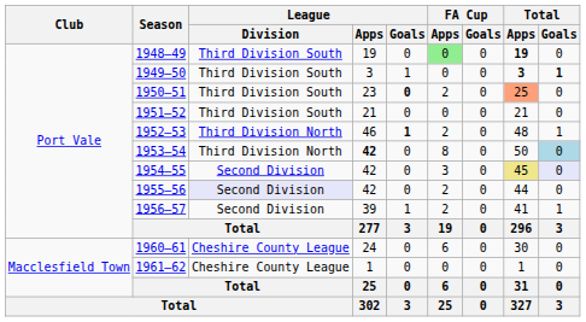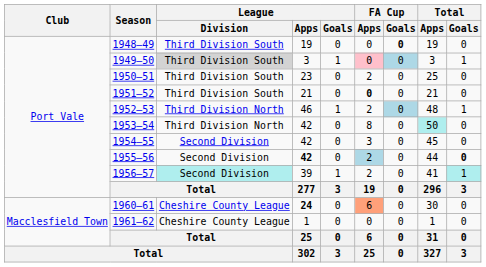 <table class="wikitable" style="text-align: center;">
 <tr>
 <th rowspan="2">Club</th>
 <th rowspan="2">Season</th>
 <th colspan="3">League</th>
 <th colspan="2">FA Cup</th>
 <th colspan="2">Total</th>
 </tr>
 <tr>
 <th>Division</th>
 <th>Apps</th>
 <th>Goals</th>
 <th>Apps</th>
 <th>Goals</th>
 <th>Apps</th>
 <th>Goals</th>
 </tr>
 <tr>
 <td rowspan="10"><a href='#'>Port Vale</a></td>
 <td><a href='#'>1948–49</a></td>
 <td><a href='#'>Third Division South</a></td>
 <td>19</td>
 <td>0</td>
-<td style="background: lightgreen;">0</td>
 <td>0</td>
-<td><strong>19</strong></td>
+<td><strong>0</strong></td>
+<td>19</td>
 <td>0</td>
 </tr>
 <tr>
 <td><a href='#'>1949–50</a></td>
-<td>Third Division South</td>
+<td style="background: lightgrey;">Third Division South</td>
 <td>3</td>
 <td>1</td>
-<td>0</td>
-<td>0</td>
-<td><strong>3</strong></td>
-<td><strong>1</strong></td>
+<td style="background: pink;">0</td>
+<td style="background: lightblue;">0</td>
+<td>3</td>
+<td>1</td>
 </tr>
 <tr>
 <td><a href='#'>1950–51</a></td>
 <td>Third Division South</td>
 <td>23</td>
-<td><strong>0</strong></td>
+<td>0</td>
 <td>2</td>
 <td>0</td>
-<td style="background: lightsalmon;">25</td>
+<td>25</td>
 <td>0</td>
 </tr>
 <tr>
 <td><a href='#'>1951–52</a></td>
 <td>Third Division South</td>
 <td>21</td>
 <td>0</td>
-<td>0</td>
+<td><strong>0</strong></td>
 <td>0</td>
 <td>21</td>
 <td>0</td>
 </tr>
 <tr>
 <td><a href='#'>1952–53</a></td>
 <td><a href='#'>Third Division North</a></td>
 <td>46</td>
-<td><strong>1</strong></td>
+<td>1</td>
 <td>2</td>
-<td>0</td>
+<td style="background: lightblue;">0</td>
 <td>48</td>
 <td>1</td>
 </tr>
 <tr>
 <td><a href='#'>1953–54</a></td>
 <td>Third Division North</td>
-<td><strong>42</strong></td>
+<td>42</td>
 <td>0</td>
 <td>8</td>
 <td>0</td>
-<td>50</td>
-<td style="background: lightblue;">0</td>
+<td style="background: paleturquoise;">50</td>
+<td>0</td>
 </tr>
 <tr>
 <td><a href='#'>1954–55</a></td>
 <td><a href='#'>Second Division</a></td>
 <td>42</td>
 <td>0</td>
 <td>3</td>
 <td>0</td>
-<td style="background: khaki;">45</td>
-<td style="background: lavender;">0</td>
+<td>45</td>
+<td>0</td>
 </tr>
 <tr>
 <td><a href='#'>1955–56</a></td>
-<td style="background: lavender;">Second Division</td>
-<td>42</td>
+<td>Second Division</td>
+<td><strong>42</strong></td>
 <td>0</td>
-<td>2</td>
+<td style="background: lightblue;">2</td>
 <td>0</td>
 <td>44</td>
-<td>0</td>
+<td><strong>0</strong></td>
 </tr>
 <tr>
 <td><a href='#'>1956–57</a></td>
-<td>Second Division</td>
+<td style="background: paleturquoise;">Second Division</td>
 <td>39</td>
 <td>1</td>
 <td>2</td>
 <td>0</td>
 <td>41</td>
-<td>1</td>
+<td style="background: paleturquoise;">1</td>
 </tr>
 <tr>
 <th colspan="2">Total</th>
 <th>277</th>
 <th>3</th>
 <th>19</th>
 <th>0</th>
 <th>296</th>
 <th>3</th>
 </tr>
 <tr>
 <td rowspan="3"><a href='#'>Macclesfield Town</a></td>
 <td><a href='#'>1960–61</a></td>
 <td><a href='#'>Cheshire County League</a></td>
-<td>24</td>
+<td><strong>24</strong></td>
 <td>0</td>
-<td>6</td>
+<td style="background: lightsalmon;">6</td>
 <td>0</td>
 <td>30</td>
 <td>0</td>
 </tr>
 <tr>
 <td><a href='#'>1961–62</a></td>
 <td>Cheshire County League</td>
 <td>1</td>
 <td>0</td>
 <td>0</td>
 <td>0</td>
 <td>1</td>
 <td>0</td>
 </tr>
 <tr>
 <th colspan="2">Total</th>
 <th>25</th>
 <th>0</th>
 <th>6</th>
 <th>0</th>
 <th>31</th>
 <th>0</th>
 </tr>
 <tr>
 <th colspan="3">Total</th>
 <th>302</th>
 <th>3</th>
 <th>25</th>
 <th>0</th>
 <th>327</th>
 <th>3</th>
 </tr>
 </table>
